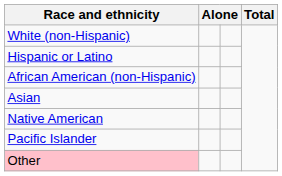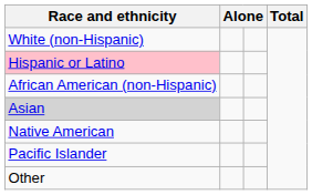 <table class="wikitable sortable collapsible"; text-align:right; font-size:80%;">
 <tr>
 <th>Race and ethnicity</th>
 <th colspan="2" data-sort-type=number>Alone</th>
 <th colspan="2" data-sort-type=number>Total</th>
 </tr>
 <tr>
 <td><a href='#'>White (non-Hispanic)</a></td>
 <td align=right></td>
 <td align=right></td>
 </tr>
 <tr>
-<td><a href='#'>Hispanic or Latino</a></td>
+<td style="background: pink;"><a href='#'>Hispanic or Latino</a></td>
 <td align=right></td>
 <td align=right></td>
 </tr>
 <tr>
 <td><a href='#'>African American (non-Hispanic)</a></td>
 <td align=right></td>
 <td align=right></td>
 </tr>
 <tr>
-<td><a href='#'>Asian</a></td>
+<td style="background: lightgrey;"><a href='#'>Asian</a></td>
 <td align=right></td>
 <td align=right></td>
 </tr>
 <tr>
 <td><a href='#'>Native American</a></td>
 <td align=right></td>
 <td align=right></td>
 </tr>
 <tr>
 <td><a href='#'>Pacific Islander</a></td>
 <td align=right></td>
 <td align=right></td>
 </tr>
 <tr>
-<td style="background: pink;">Other</td>
+<td>Other</td>
 <td align=right></td>
 <td align=right></td>
 </tr>
 </table>
